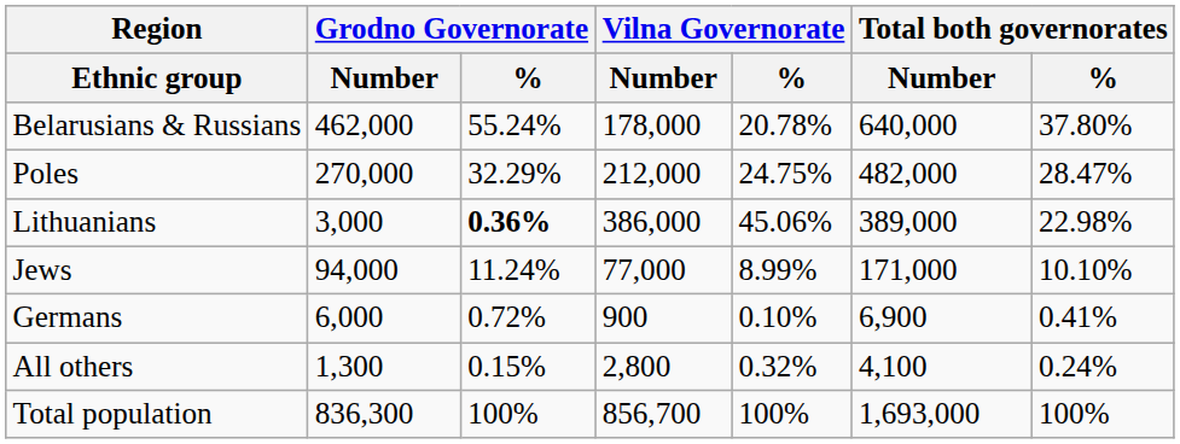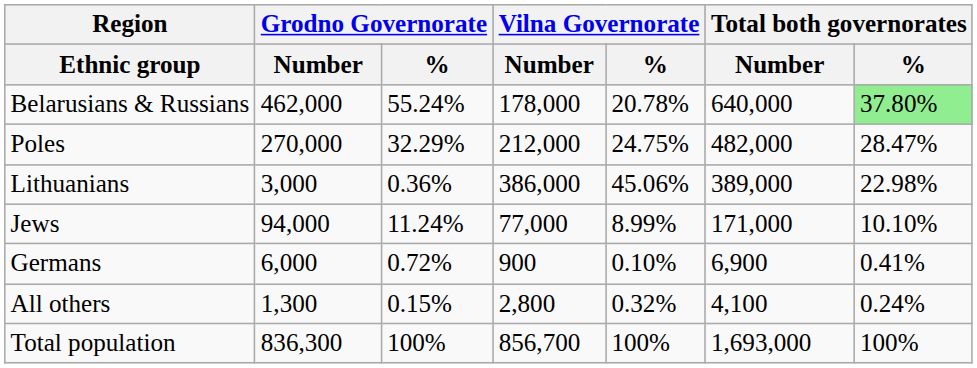 <table class="wikitable">
 <tr>
 <th>Region</th>
 <th colspan="2"><a href='#'>Grodno Governorate</a></th>
 <th colspan="2"><a href='#'>Vilna Governorate</a></th>
 <th colspan="2">Total both governorates</th>
 </tr>
 <tr>
 <th>Ethnic group</th>
 <th>Number</th>
 <th>%</th>
 <th>Number</th>
 <th>%</th>
 <th>Number</th>
 <th>%</th>
 </tr>
 <tr>
 <td>Belarusians & Russians</td>
 <td>462,000</td>
 <td>55.24%</td>
 <td>178,000</td>
 <td>20.78%</td>
 <td>640,000</td>
-<td>37.80%</td>
+<td style="background: lightgreen;">37.80%</td>
 </tr>
 <tr>
 <td>Poles</td>
 <td>270,000</td>
 <td>32.29%</td>
 <td>212,000</td>
 <td>24.75%</td>
 <td>482,000</td>
 <td>28.47%</td>
 </tr>
 <tr>
 <td>Lithuanians</td>
 <td>3,000</td>
-<td><strong>0.36%</strong></td>
+<td>0.36%</td>
 <td>386,000</td>
 <td>45.06%</td>
 <td>389,000</td>
 <td>22.98%</td>
 </tr>
 <tr>
 <td>Jews</td>
 <td>94,000</td>
 <td>11.24%</td>
 <td>77,000</td>
 <td>8.99%</td>
 <td>171,000</td>
 <td>10.10%</td>
 </tr>
 <tr>
 <td>Germans</td>
 <td>6,000</td>
 <td>0.72%</td>
 <td>900</td>
 <td>0.10%</td>
 <td>6,900</td>
 <td>0.41%</td>
 </tr>
 <tr>
 <td>All others</td>
 <td>1,300</td>
 <td>0.15%</td>
 <td>2,800</td>
 <td>0.32%</td>
 <td>4,100</td>
 <td>0.24%</td>
 </tr>
 <tr>
 <td>Total population</td>
 <td>836,300</td>
 <td>100%</td>
 <td>856,700</td>
 <td>100%</td>
 <td>1,693,000</td>
 <td>100%</td>
 </tr>
 </table>
